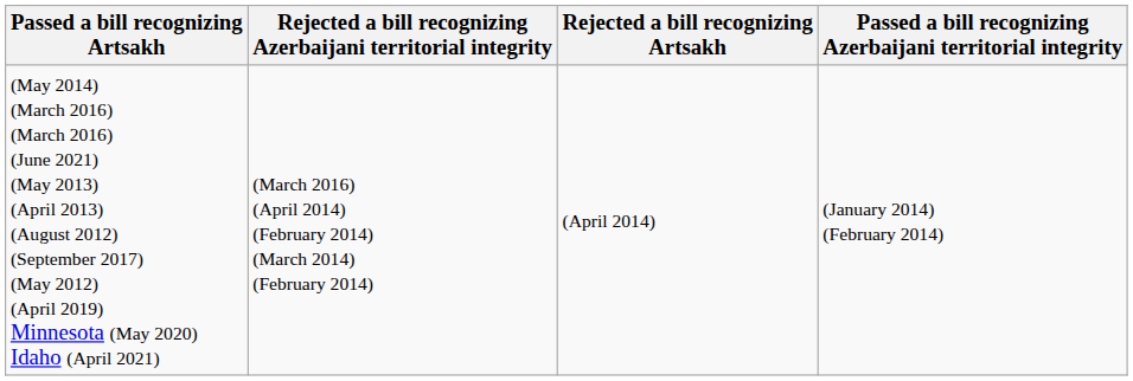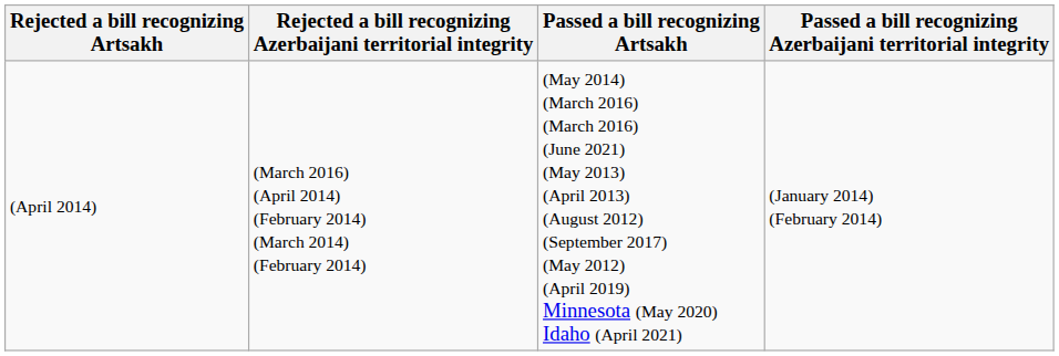 <table class="wikitable">
 <tr>
+<th>Rejected a bill recognizing<br>Artsakh</th>
+<th>Rejected a bill recognizing<br>Azerbaijani territorial integrity</th>
 <th>Passed a bill recognizing<br>Artsakh</th>
-<th>Rejected a bill recognizing<br>Azerbaijani territorial integrity</th>
-<th>Rejected a bill recognizing<br>Artsakh</th>
 <th>Passed a bill recognizing<br>Azerbaijani territorial integrity</th>
 </tr>
 <tr>
+<td> <small>(April 2014)</small></td>
+<td><br> <small>(March 2016)</small><br> <small>(April 2014)</small><br> <small>(February 2014)</small><br> <small>(March 2014)</small><br> <small>(February 2014)</small></td>
 <td> <small>(May 2014)</small><br> <small>(March 2016)</small><br> <small>(March 2016)</small><br>  <small>(June 2021)</small><br>  <small>(May 2013)</small><br> <small>(April 2013)</small><br> <small>(August 2012)</small><br> <small>(September 2017)</small><br> <small>(May 2012)</small><br> <small>(April 2019)</small><br> <a href='#'>Minnesota</a> <small>(May 2020)</small><br> <a href='#'>Idaho</a> <small>(April 2021)</small></td>
-<td><br> <small>(March 2016)</small><br> <small>(April 2014)</small><br> <small>(February 2014)</small><br> <small>(March 2014)</small><br> <small>(February 2014)</small></td>
-<td> <small>(April 2014)</small></td>
 <td> <small>(January 2014)</small><br> <small>(February 2014)</small></td>
 </tr>
 </table>
